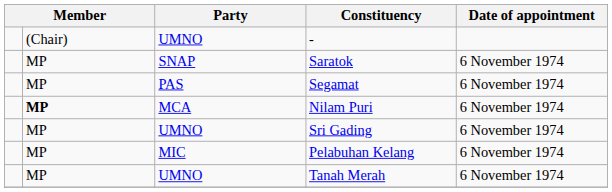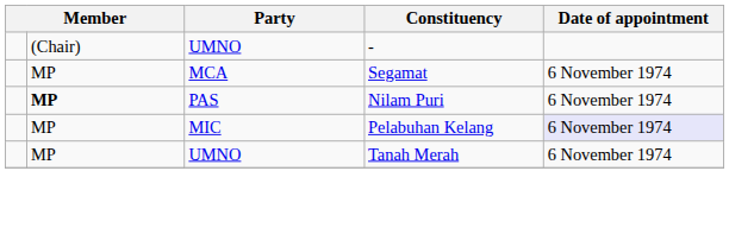 <table class="sortable wikitable">
 <tr>
 <th width="160px" colspan="2" valign="top">Member</th>
 <th width="160px" valign="top">Party</th>
 <th width="160px" valign="top">Constituency</th>
 <th width="160px" valign="top">Date of appointment</th>
 </tr>
 <tr>
 <td></td>
 <td> (Chair)</td>
 <td><a href='#'>UMNO</a></td>
 <td>-</td>
 <td></td>
 </tr>
 <tr>
 <td></td>
 <td> MP</td>
-<td><a href='#'>SNAP</a></td>
-<td><a href='#'>Saratok</a></td>
-<td>6 November 1974</td>
-</tr>
-<tr>
-<td></td>
-<td> MP</td>
-<td><a href='#'>PAS</a></td>
+<td><a href='#'>MCA</a></td>
 <td><a href='#'>Segamat</a></td>
 <td>6 November 1974</td>
 </tr>
 <tr>
 <td></td>
 <td><strong> MP</strong></td>
-<td><a href='#'>MCA</a></td>
+<td><a href='#'>PAS</a></td>
 <td><a href='#'>Nilam Puri</a></td>
-<td>6 November 1974</td>
-</tr>
-<tr>
-<td></td>
-<td> MP</td>
-<td><a href='#'>UMNO</a></td>
-<td><a href='#'>Sri Gading</a></td>
 <td>6 November 1974</td>
 </tr>
 <tr>
 <td></td>
 <td> MP</td>
 <td><a href='#'>MIC</a></td>
 <td><a href='#'>Pelabuhan Kelang</a></td>
-<td>6 November 1974</td>
+<td style="background: lavender;">6 November 1974</td>
 </tr>
 <tr>
 <td></td>
 <td> MP</td>
 <td><a href='#'>UMNO</a></td>
 <td><a href='#'>Tanah Merah</a></td>
 <td>6 November 1974</td>
 </tr>
 <tr>
 </tr>
 </table>
